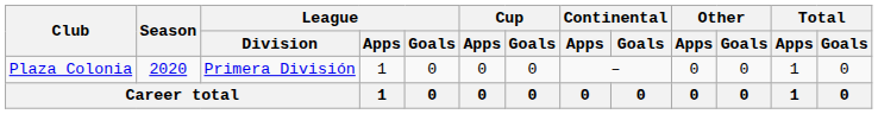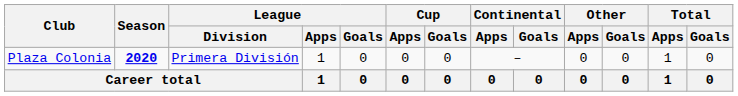 <table class="wikitable" style="text-align: center">
 <tr>
 <th rowspan="2">Club</th>
 <th rowspan="2">Season</th>
 <th colspan="3">League</th>
 <th colspan="2">Cup</th>
 <th colspan="2">Continental</th>
 <th colspan="2">Other</th>
 <th colspan="2">Total</th>
 </tr>
 <tr>
 <th>Division</th>
 <th>Apps</th>
 <th>Goals</th>
 <th>Apps</th>
 <th>Goals</th>
 <th>Apps</th>
 <th>Goals</th>
 <th>Apps</th>
 <th>Goals</th>
 <th>Apps</th>
 <th>Goals</th>
 </tr>
 <tr>
 <td><a href='#'>Plaza Colonia</a></td>
-<td><a href='#'>2020</a></td>
+<td><strong><a href='#'>2020</a></strong></td>
 <td><a href='#'>Primera División</a></td>
 <td>1</td>
 <td>0</td>
 <td>0</td>
 <td>0</td>
 <td colspan="2">–</td>
 <td>0</td>
 <td>0</td>
 <td>1</td>
 <td>0</td>
 </tr>
 <tr>
 <th colspan="3"><strong>Career total</strong></th>
 <th>1</th>
 <th>0</th>
 <th>0</th>
 <th>0</th>
 <th>0</th>
 <th>0</th>
 <th>0</th>
 <th>0</th>
 <th>1</th>
 <th>0</th>
 </tr>
 </table>
